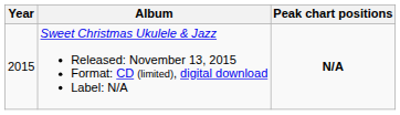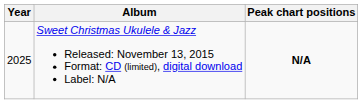 <table class="wikitable" style="text-align:center;">
 <tr>
 <th rowspan="1">Year</th>
 <th rowspan="1">Album</th>
 <th colspan="1">Peak chart positions</th>
 </tr>
 <tr>
-<td>2015</td>
+<td>2025</td>
 <td align="left"><em><a href='#'>Sweet Christmas Ukulele & Jazz</a></em><br><ul><li>Released: November 13, 2015</li><li>Format: <a href='#'>CD</a> <small>(limited)</small>, <a href='#'>digital download</a></li><li>Label: N/A</li></ul></td>
 <td><strong>N/A</strong></td>
 </tr>
 </table>
